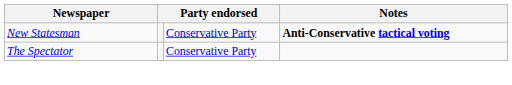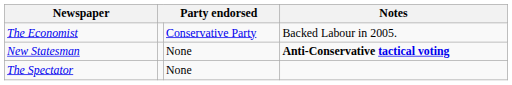 <table class="wikitable">
 <tr>
 <th width=200px>Newspaper</th>
 <th colspan=2>Party endorsed</th>
 <th width=300px>Notes</th>
 </tr>
 <tr>
+<td><em><a href='#'>The Economist</a></em></td>
+<td style="background-color: "></td>
+<td width=150px><a href='#'>Conservative Party</a></td>
+<td>Backed Labour in 2005.</td>
+</tr>
+<tr>
 <td><em><a href='#'>New Statesman</a></em></td>
 <td style="background-color: "></td>
-<td width=150px><a href='#'>Conservative Party</a></td>
+<td>None</td>
 <td><strong>Anti-Conservative <a href='#'>tactical voting</a></strong></td>
 </tr>
 <tr>
 <td width=200px><em><a href='#'>The Spectator</a></em></td>
 <td style="background-color: "></td>
-<td width=150px><a href='#'>Conservative Party</a></td>
+<td>None</td>
 <td></td>
 </tr>
 </table>
